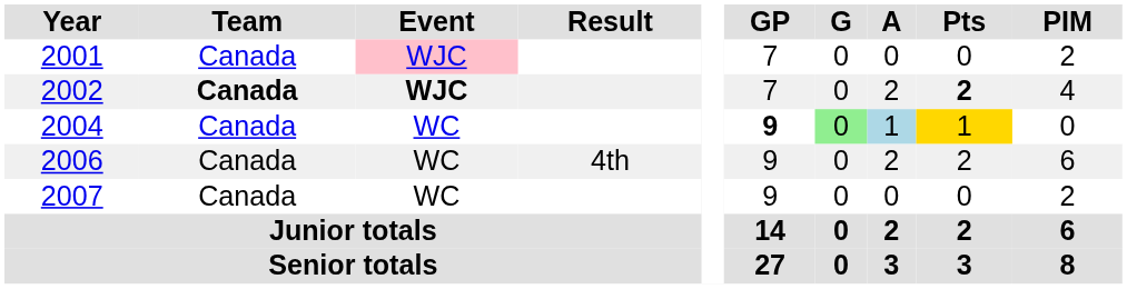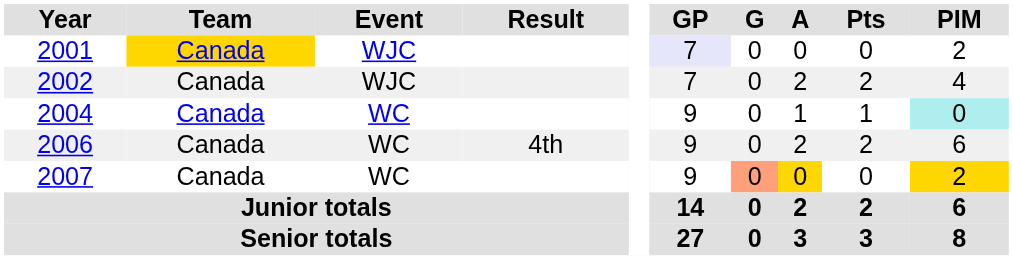 <table border="0" cellpadding="1" cellspacing="0" style="text-align:center; width:40em">
 <tr ALIGN="center" bgcolor="#e0e0e0">
 <th>Year</th>
 <th>Team</th>
 <th>Event</th>
 <th>Result</th>
 <th rowspan="99" bgcolor="#ffffff"> </th>
 <th>GP</th>
 <th>G</th>
 <th>A</th>
 <th>Pts</th>
 <th>PIM</th>
 </tr>
 <tr>
 <td><a href='#'>2001</a></td>
-<td><a href='#'>Canada</a></td>
-<td style="background: pink;"><a href='#'>WJC</a></td>
+<td style="background: gold;"><a href='#'>Canada</a></td>
+<td><a href='#'>WJC</a></td>
 <td></td>
-<td>7</td>
+<td style="background: lavender;">7</td>
 <td>0</td>
 <td>0</td>
 <td>0</td>
 <td>2</td>
 </tr>
 <tr bgcolor="#f0f0f0">
 <td><a href='#'>2002</a></td>
-<td><strong>Canada</strong></td>
-<td><strong>WJC</strong></td>
+<td>Canada</td>
+<td>WJC</td>
 <td></td>
 <td>7</td>
 <td>0</td>
 <td>2</td>
-<td><strong>2</strong></td>
+<td>2</td>
 <td>4</td>
 </tr>
 <tr>
 <td><a href='#'>2004</a></td>
 <td><a href='#'>Canada</a></td>
 <td><a href='#'>WC</a></td>
 <td></td>
-<td><strong>9</strong></td>
-<td style="background: lightgreen;">0</td>
-<td style="background: lightblue;">1</td>
-<td style="background: gold;">1</td>
+<td>9</td>
 <td>0</td>
+<td>1</td>
+<td>1</td>
+<td style="background: paleturquoise;">0</td>
 </tr>
 <tr bgcolor="#f0f0f0">
 <td><a href='#'>2006</a></td>
 <td>Canada</td>
 <td>WC</td>
 <td>4th</td>
 <td>9</td>
 <td>0</td>
 <td>2</td>
 <td>2</td>
 <td>6</td>
 </tr>
 <tr>
 <td><a href='#'>2007</a></td>
 <td>Canada</td>
 <td>WC</td>
 <td></td>
 <td>9</td>
+<td style="background: lightsalmon;">0</td>
+<td style="background: gold;">0</td>
 <td>0</td>
-<td>0</td>
-<td>0</td>
-<td>2</td>
+<td style="background: gold;">2</td>
 </tr>
 <tr bgcolor="#e0e0e0">
 <th colspan=4>Junior totals</th>
 <th>14</th>
 <th>0</th>
 <th>2</th>
 <th>2</th>
 <th>6</th>
 </tr>
 <tr bgcolor="#e0e0e0">
 <th colspan=4>Senior totals</th>
 <th>27</th>
 <th>0</th>
 <th>3</th>
 <th>3</th>
 <th>8</th>
 </tr>
 </table>
